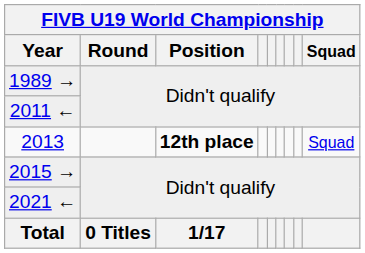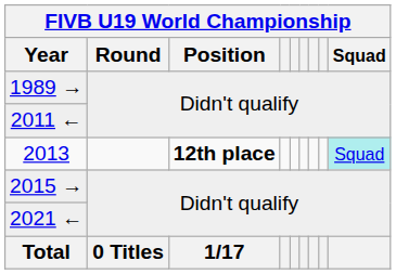 <table class="wikitable" style="text-align: center;">
 <tr>
 <th colspan=9><a href='#'>FIVB U19 World Championship</a></th>
 </tr>
 <tr>
 <th>Year</th>
 <th>Round</th>
 <th>Position</th>
 <th></th>
 <th></th>
 <th></th>
 <th></th>
 <th></th>
 <th><small>Squad</small></th>
 </tr>
 <tr bgcolor="efefef">
 <td> <a href='#'>1989</a> →</td>
 <td colspan="8" rowspan=2>Didn't qualify</td>
 </tr>
 <tr bgcolor="efefef">
 <td> <a href='#'>2011</a> ←</td>
 </tr>
 <tr>
 <td> <a href='#'>2013</a></td>
 <td></td>
 <td><strong>12th place</strong></td>
 <td></td>
 <td></td>
 <td></td>
 <td></td>
 <td></td>
-<td><small><a href='#'>Squad</a></small></td>
+<td style="background: paleturquoise;"><small><a href='#'>Squad</a></small></td>
 </tr>
 <tr bgcolor="efefef">
 <td> <a href='#'>2015</a> →</td>
 <td colspan="8" rowspan="2">Didn't qualify</td>
 </tr>
 <tr bgcolor="efefef">
 <td> <a href='#'>2021</a> ←</td>
 </tr>
 <tr>
 <th>Total</th>
 <th>0 Titles</th>
 <th>1/17</th>
 <th></th>
 <th></th>
 <th></th>
 <th></th>
 <th></th>
 <th></th>
 </tr>
 </table>
